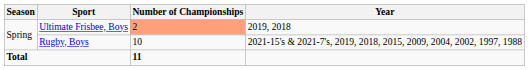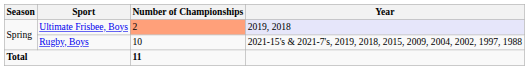 <table class="wikitable">
 <tr>
 <th>Season</th>
 <th>Sport</th>
 <th>Number of Championships</th>
 <th>Year</th>
 </tr>
 <tr>
 <td rowspan="2">Spring</td>
 <td><a href='#'>Ultimate Frisbee, Boys</a></td>
 <td style="background: lightsalmon;">2</td>
-<td>2019, 2018</td>
+<td style="background: lavender;">2019, 2018</td>
 </tr>
 <tr>
 <td><a href='#'>Rugby, Boys</a></td>
 <td>10</td>
 <td>2021-15's & 2021-7's, 2019, 2018, 2015, 2009, 2004, 2002, 1997, 1988</td>
 </tr>
 <tr>
 <td colspan="2"><strong>Total</strong></td>
 <td><strong>11</strong></td>
 <td></td>
 </tr>
 </table>
